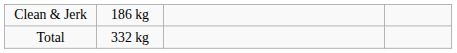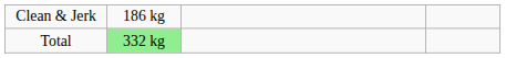 <table class = "wikitable" style="text-align:center;">
 <tr>
 <td width=100>Clean & Jerk</td>
 <td width=70>186 kg</td>
 <td width=250 align=left></td>
 <td width=70></td>
 </tr>
 <tr>
 <td>Total</td>
-<td>332 kg</td>
+<td style="background: lightgreen;">332 kg</td>
 <td align=left></td>
 <td></td>
 </tr>
 </table>
